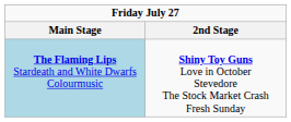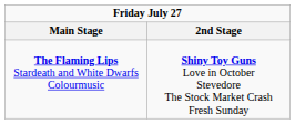 <table class="wikitable">
 <tr>
 <td colspan="3" style="text-align:center;"><strong>Friday July 27</strong></td>
 </tr>
 <tr>
 <th>Main Stage</th>
 <th>2nd Stage</th>
 </tr>
 <tr>
-<td style="background: lightblue; text-align:center; vertical-align:top; width:200px;"><br><strong><a href='#'>The Flaming Lips</a></strong><br> <a href='#'>Stardeath and White Dwarfs</a> <br> <a href='#'>Colourmusic</a> <br></td>
+<td style="text-align:center; vertical-align:top; width:200px;"><br><strong><a href='#'>The Flaming Lips</a></strong><br> <a href='#'>Stardeath and White Dwarfs</a> <br> <a href='#'>Colourmusic</a> <br></td>
 <td style="text-align:center; vertical-align:top; width:200px;"><br><strong><a href='#'>Shiny Toy Guns</a></strong><br> Love in October <br> Stevedore <br> The Stock Market Crash <br> Fresh Sunday <br></td>
 </tr>
 </table>
